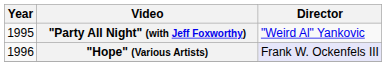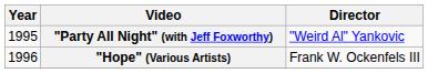 <table class="wikitable plainrowheaders">
 <tr>
 <th>Year</th>
 <th style="width:18em;">Video</th>
 <th>Director</th>
 </tr>
 <tr>
 <td>1995</td>
 <th scope="row">"Party All Night" <small>(with <a href='#'>Jeff Foxworthy</a>)</small></th>
 <td><a href='#'>"Weird Al" Yankovic</a></td>
 </tr>
 <tr>
 <td>1996</td>
 <th scope="row">"Hope" <small>(Various Artists)</small></th>
-<td style="background: lavender;">Frank W. Ockenfels III</td>
+<td>Frank W. Ockenfels III</td>
 </tr>
 <tr>
 </tr>
 </table>
